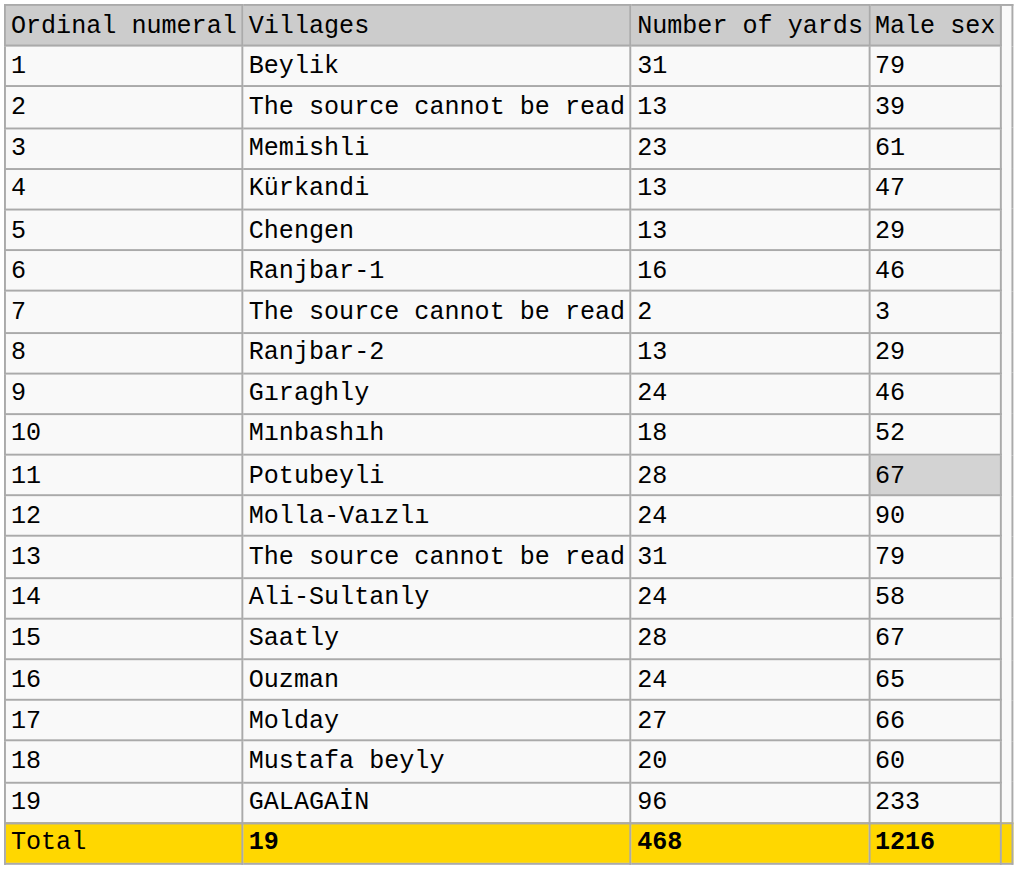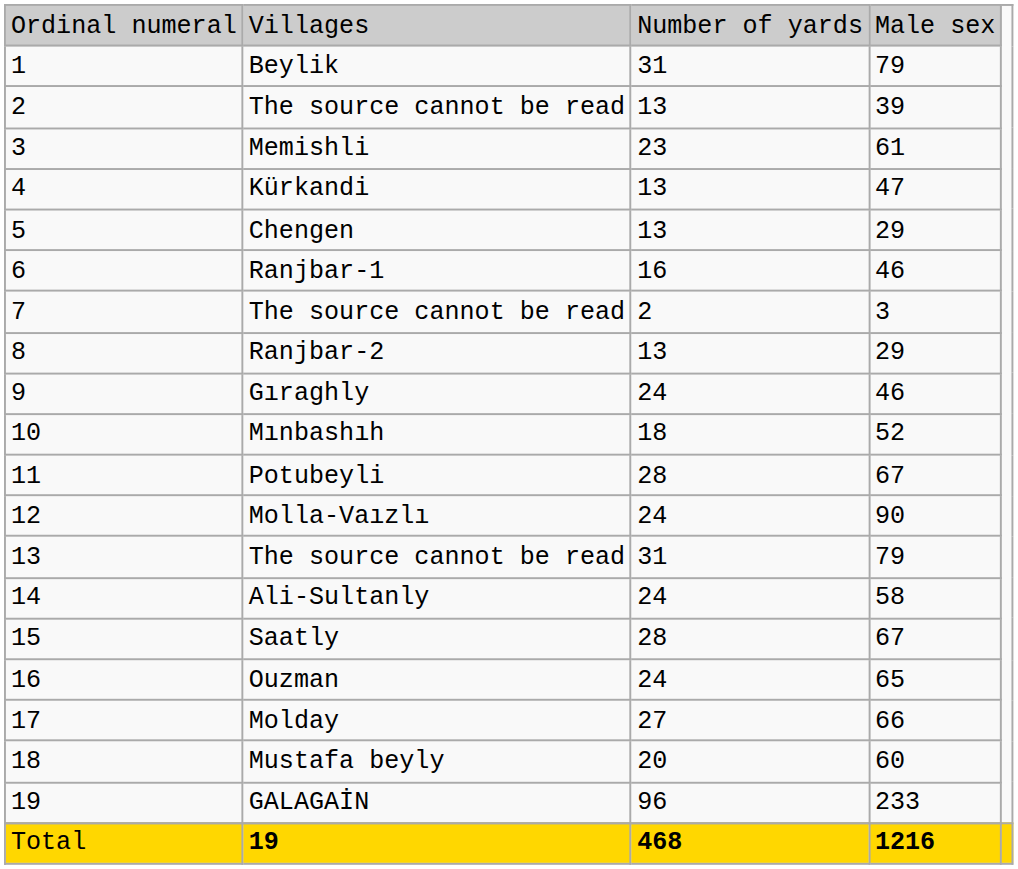 <table class="sortable wikitable" width 100%>
 <tr bgcolor="#CCCCCC">
 <td>Ordinal numeral</td>
 <td>Villages</td>
 <td>Number of yards</td>
 <td>Male sex</td>
 </tr>
 <tr>
 <td>1</td>
 <td>Beylik</td>
 <td>31</td>
 <td>79</td>
 </tr>
 <tr>
 <td>2</td>
 <td>The source cannot be read</td>
 <td>13</td>
 <td>39</td>
 </tr>
 <tr>
 <td>3</td>
 <td>Memishli</td>
 <td>23</td>
 <td>61</td>
 </tr>
 <tr>
 <td>4</td>
 <td>Kürkandi</td>
 <td>13</td>
 <td>47</td>
 </tr>
 <tr>
 <td>5</td>
 <td>Chengen</td>
 <td>13</td>
 <td>29</td>
 </tr>
 <tr>
 <td>6</td>
 <td>Ranjbar-1</td>
 <td>16</td>
 <td>46</td>
 </tr>
 <tr>
 <td>7</td>
 <td>The source cannot be read</td>
 <td>2</td>
 <td>3</td>
 </tr>
 <tr>
 <td>8</td>
 <td>Ranjbar-2</td>
 <td>13</td>
 <td>29</td>
 </tr>
 <tr>
 <td>9</td>
 <td>Gıraghly</td>
 <td>24</td>
 <td>46</td>
 </tr>
 <tr>
 <td>10</td>
 <td>Mınbashıh</td>
 <td>18</td>
 <td>52</td>
 </tr>
 <tr>
 <td>11</td>
 <td>Potubeyli</td>
 <td>28</td>
-<td style="background: lightgrey;">67</td>
+<td>67</td>
 </tr>
 <tr>
 <td>12</td>
 <td>Molla-Vaızlı</td>
 <td>24</td>
 <td>90</td>
 </tr>
 <tr>
 <td>13</td>
 <td>The source cannot be read</td>
 <td>31</td>
 <td>79</td>
 </tr>
 <tr>
 <td>14</td>
 <td>Ali-Sultanly</td>
 <td>24</td>
 <td>58</td>
 </tr>
 <tr>
 <td>15</td>
 <td>Saatly</td>
 <td>28</td>
 <td>67</td>
 </tr>
 <tr>
 <td>16</td>
 <td>Ouzman</td>
 <td>24</td>
 <td>65</td>
 </tr>
 <tr>
 <td>17</td>
 <td>Molday</td>
 <td>27</td>
 <td>66</td>
 </tr>
 <tr>
 <td>18</td>
 <td>Mustafa beyly</td>
 <td>20</td>
 <td>60</td>
 </tr>
 <tr>
 <td>19</td>
 <td>GALAGAİN</td>
 <td>96</td>
 <td>233</td>
 </tr>
 <tr>
 </tr>
 <tr bgcolor=gold>
 <td>Total</td>
 <td><strong>19</strong></td>
 <td><strong>468</strong></td>
 <td><strong>1216</strong></td>
 <td></td>
 </tr>
 </table>
